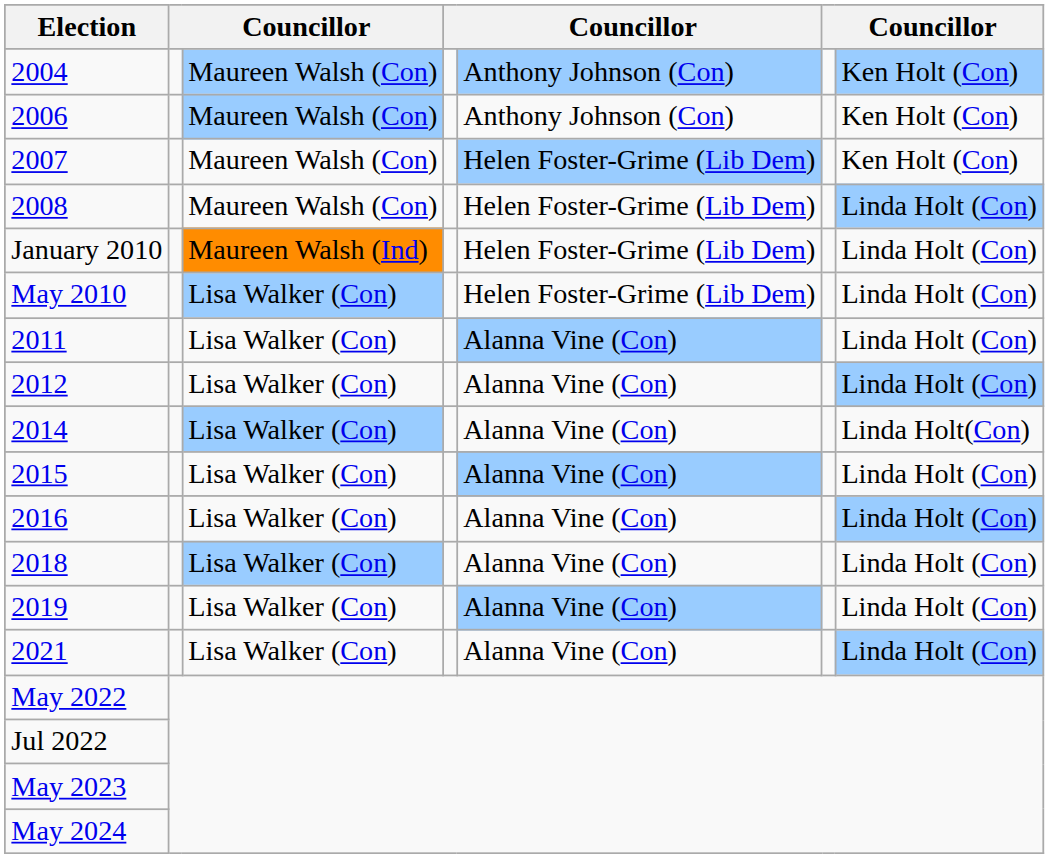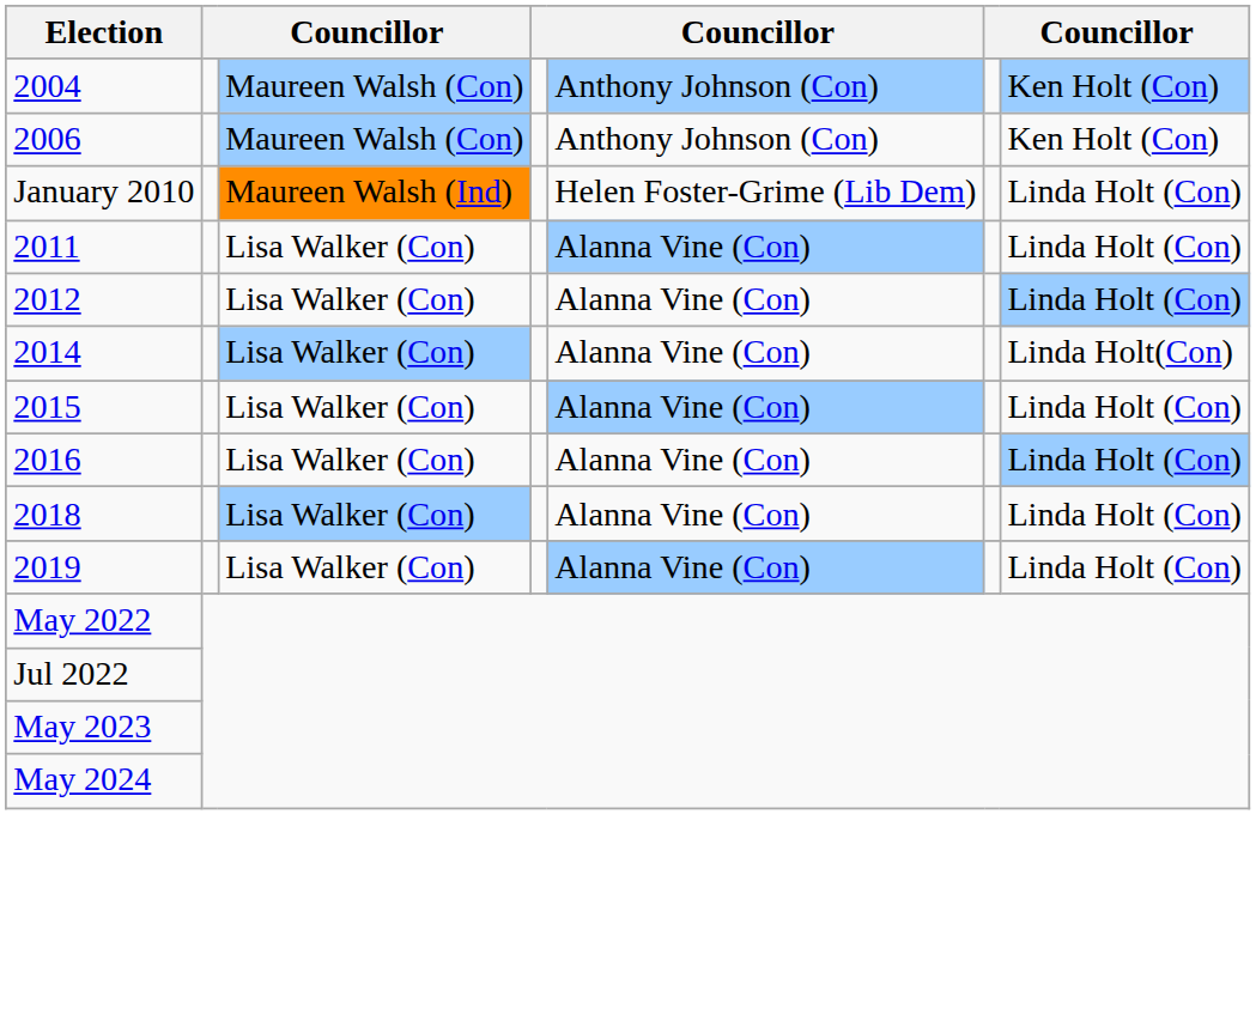 <table class="wikitable">
 <tr>
 <th>Election</th>
 <th colspan="2">Councillor</th>
 <th colspan="2">Councillor</th>
 <th colspan="2">Councillor</th>
 </tr>
 <tr>
 <td><a href='#'>2004</a></td>
 <td style="background-color: "></td>
 <td bgcolor="#99CCFF">Maureen Walsh (<a href='#'>Con</a>)</td>
 <td style="background-color: "></td>
 <td bgcolor="#99CCFF">Anthony Johnson (<a href='#'>Con</a>)</td>
 <td style="background-color: "></td>
 <td bgcolor="#99CCFF">Ken Holt (<a href='#'>Con</a>)</td>
 </tr>
 <tr>
 <td><a href='#'>2006</a></td>
 <td style="background-color: "></td>
 <td bgcolor="#99CCFF">Maureen Walsh (<a href='#'>Con</a>)</td>
 <td style="background-color: "></td>
 <td>Anthony Johnson (<a href='#'>Con</a>)</td>
 <td style="background-color: "></td>
 <td>Ken Holt (<a href='#'>Con</a>)</td>
 </tr>
 <tr>
-<td><a href='#'>2007</a></td>
-<td style="background-color: "></td>
-<td>Maureen Walsh (<a href='#'>Con</a>)</td>
-<td style="background-color: "></td>
-<td bgcolor="#99CCFF">Helen Foster-Grime (<a href='#'>Lib Dem</a>)</td>
-<td style="background-color: "></td>
-<td>Ken Holt (<a href='#'>Con</a>)</td>
-</tr>
-<tr>
-<td><a href='#'>2008</a></td>
-<td style="background-color: "></td>
-<td>Maureen Walsh (<a href='#'>Con</a>)</td>
-<td style="background-color: "></td>
-<td>Helen Foster-Grime (<a href='#'>Lib Dem</a>)</td>
-<td style="background-color: "></td>
-<td bgcolor="#99CCFF">Linda Holt (<a href='#'>Con</a>)</td>
-</tr>
-<tr>
 <td>January 2010</td>
 <td style="background-color: "></td>
 <td bgcolor="#FF8C00">Maureen Walsh (<a href='#'>Ind</a>)</td>
-<td style="background-color: "></td>
-<td>Helen Foster-Grime (<a href='#'>Lib Dem</a>)</td>
-<td style="background-color: "></td>
-<td>Linda Holt (<a href='#'>Con</a>)</td>
-</tr>
-<tr>
-<td><a href='#'>May 2010</a></td>
-<td style="background-color: "></td>
-<td bgcolor="#99CCFF">Lisa Walker (<a href='#'>Con</a>)</td>
 <td style="background-color: "></td>
 <td>Helen Foster-Grime (<a href='#'>Lib Dem</a>)</td>
 <td style="background-color: "></td>
 <td>Linda Holt (<a href='#'>Con</a>)</td>
 </tr>
 <tr>
 <td><a href='#'>2011</a></td>
 <td style="background-color: "></td>
 <td>Lisa Walker (<a href='#'>Con</a>)</td>
 <td style="background-color: "></td>
 <td bgcolor="#99CCFF">Alanna Vine (<a href='#'>Con</a>)</td>
 <td style="background-color: "></td>
 <td>Linda Holt (<a href='#'>Con</a>)</td>
 </tr>
 <tr>
 <td><a href='#'>2012</a></td>
 <td style="background-color: "></td>
 <td>Lisa Walker (<a href='#'>Con</a>)</td>
 <td style="background-color: "></td>
 <td>Alanna Vine (<a href='#'>Con</a>)</td>
 <td style="background-color: "></td>
 <td bgcolor="#99CCFF">Linda Holt (<a href='#'>Con</a>)</td>
 </tr>
 <tr>
 <td><a href='#'>2014</a></td>
 <td style="background-color: "></td>
 <td bgcolor="#99CCFF">Lisa Walker (<a href='#'>Con</a>)</td>
 <td style="background-color: "></td>
 <td>Alanna Vine (<a href='#'>Con</a>)</td>
 <td style="background-color: "></td>
 <td>Linda Holt(<a href='#'>Con</a>)</td>
 </tr>
 <tr>
 <td><a href='#'>2015</a></td>
 <td style="background-color: "></td>
 <td>Lisa Walker (<a href='#'>Con</a>)</td>
 <td style="background-color: "></td>
 <td bgcolor="#99CCFF">Alanna Vine (<a href='#'>Con</a>)</td>
 <td style="background-color: "></td>
 <td>Linda Holt (<a href='#'>Con</a>)</td>
 </tr>
 <tr>
 <td><a href='#'>2016</a></td>
 <td style="background-color: "></td>
 <td>Lisa Walker (<a href='#'>Con</a>)</td>
 <td style="background-color: "></td>
 <td>Alanna Vine (<a href='#'>Con</a>)</td>
 <td style="background-color: "></td>
 <td bgcolor="#99CCFF">Linda Holt (<a href='#'>Con</a>)</td>
 </tr>
 <tr>
 <td><a href='#'>2018</a></td>
 <td style="background-color: "></td>
 <td bgcolor="#99CCFF">Lisa Walker (<a href='#'>Con</a>)</td>
 <td style="background-color: "></td>
 <td>Alanna Vine (<a href='#'>Con</a>)</td>
 <td style="background-color: "></td>
 <td>Linda Holt (<a href='#'>Con</a>)</td>
 </tr>
 <tr>
 <td><a href='#'>2019</a></td>
 <td style="background-color: "></td>
 <td>Lisa Walker (<a href='#'>Con</a>)</td>
 <td style="background-color: "></td>
 <td bgcolor="#99CCFF">Alanna Vine (<a href='#'>Con</a>)</td>
 <td style="background-color: "></td>
 <td>Linda Holt (<a href='#'>Con</a>)</td>
 </tr>
 <tr>
-<td><a href='#'>2021</a></td>
-<td style="background-color: "></td>
-<td>Lisa Walker (<a href='#'>Con</a>)</td>
-<td style="background-color: "></td>
-<td>Alanna Vine (<a href='#'>Con</a>)</td>
-<td style="background-color: "></td>
-<td bgcolor="#99CCFF">Linda Holt (<a href='#'>Con</a>)</td>
-</tr>
-<tr>
 <td><a href='#'>May 2022</a><br>  </td>
 </tr>
 <tr>
 <td>Jul 2022<br>  </td>
 </tr>
 <tr>
 <td><a href='#'>May 2023</a><br>  </td>
 </tr>
 <tr>
 <td><a href='#'>May 2024</a><br>  </td>
 </tr>
 </table>
